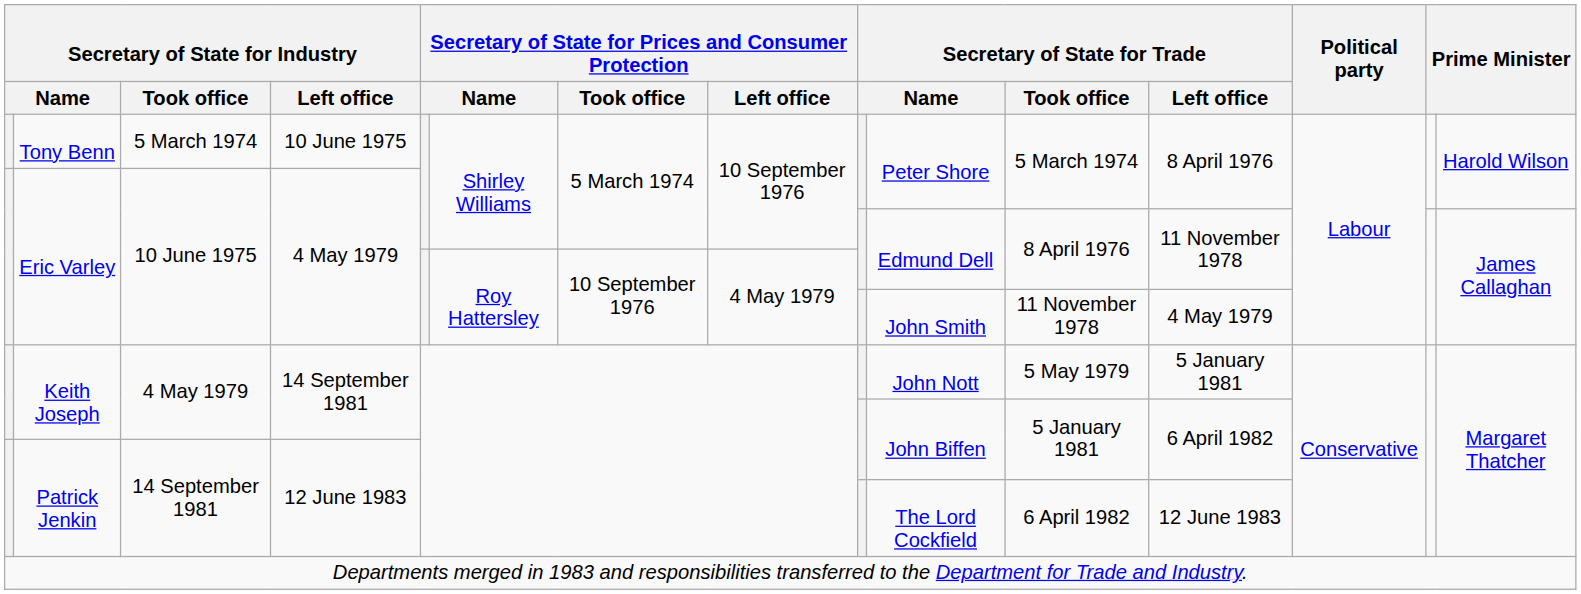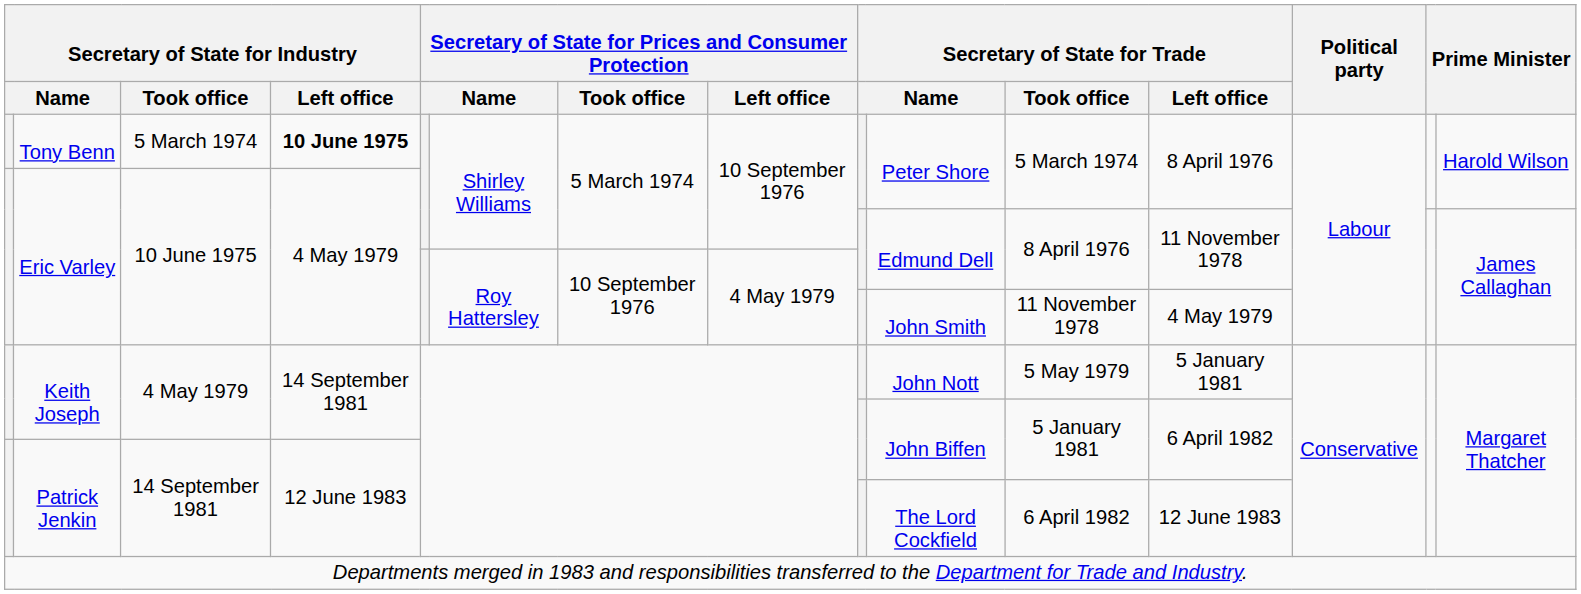 <table class="wikitable" style="text-align:center">
 <tr>
 <th colspan=4><br>Secretary of State for Industry</th>
 <th colspan=4><br><a href='#'>Secretary of State for Prices and Consumer Protection</a></th>
 <th colspan=4><br>Secretary of State for Trade</th>
 <th rowspan=2>Political party</th>
 <th colspan=2 rowspan=2>Prime Minister</th>
 </tr>
 <tr Official portrait of Rt Hon Margaret Beckett MP crop 2.jpg>
 <th colspan=2>Name</th>
 <th>Took office</th>
 <th>Left office</th>
 <th colspan=2>Name</th>
 <th>Took office</th>
 <th>Left office</th>
 <th colspan=2>Name</th>
 <th>Took office</th>
 <th>Left office</th>
 </tr>
 <tr style="height:2em">
 <th style="background-color:"></th>
 <td><br><a href='#'>Tony Benn</a><br></td>
 <td>5 March 1974</td>
-<td>10 June 1975</td>
+<td><strong>10 June 1975</strong></td>
 <th rowspan=3 style="background-color:"></th>
 <td rowspan=3><br><a href='#'>Shirley Williams</a><br></td>
 <td rowspan=3>5 March 1974</td>
 <td rowspan=3>10 September 1976</td>
 <th rowspan=2 style="background-color:"></th>
 <td rowspan=2><br><a href='#'>Peter Shore</a><br></td>
 <td rowspan=2>5 March 1974</td>
 <td rowspan=2>8 April 1976</td>
 <td rowspan=5><a href='#'>Labour</a></td>
 <td rowspan=2 style="background-color:"></td>
 <td rowspan=2><a href='#'>Harold Wilson</a></td>
 </tr>
 <tr style="height:2em">
 <th rowspan=4 style="background-color:"></th>
 <td rowspan=4><br><a href='#'>Eric Varley</a> <br></td>
 <td rowspan=4>10 June 1975</td>
 <td rowspan=4>4 May 1979</td>
 </tr>
 <tr style="height:2em">
 <th rowspan=2 style="background-color:"></th>
 <td rowspan=2><br><a href='#'>Edmund Dell</a> <br></td>
 <td rowspan=2>8 April 1976</td>
 <td rowspan=2>11 November 1978</td>
 <td rowspan=3 style="background-color:"></td>
 <td rowspan=3><a href='#'>James Callaghan</a></td>
 </tr>
 <tr style="height:2em">
 <th rowspan=2 style="background-color:"></th>
 <td rowspan=2><br><a href='#'>Roy Hattersley</a><br></td>
 <td rowspan=2>10 September 1976</td>
 <td rowspan=2>4 May 1979</td>
 </tr>
 <tr style="height:2em">
 <th style="background-color:"></th>
 <td><br><a href='#'>John Smith</a><br></td>
 <td>11 November 1978</td>
 <td>4 May 1979</td>
 </tr>
 <tr style="height:2em">
 <th rowspan=2 style="background-color:"></th>
 <td rowspan=2><br><a href='#'>Keith Joseph</a><br></td>
 <td rowspan=2>4 May 1979</td>
 <td rowspan=2>14 September 1981</td>
 <td colspan=4 rowspan=4 align="center"></td>
 <th style="background-color:"></th>
 <td><br><a href='#'>John Nott</a><br></td>
 <td>5 May 1979</td>
 <td>5 January 1981</td>
 <td rowspan=4><a href='#'>Conservative</a></td>
 <td rowspan=4 style="background-color:"></td>
 <td rowspan=4><a href='#'>Margaret Thatcher</a></td>
 </tr>
 <tr style="height:2em">
 <th rowspan=2 style="background-color:"></th>
 <td rowspan=2><br><a href='#'>John Biffen</a><br></td>
 <td rowspan=2>5 January 1981</td>
 <td rowspan=2>6 April 1982</td>
 </tr>
 <tr style="height:2em">
 <th rowspan=2 style="background-color:"></th>
 <td rowspan=2><br><a href='#'>Patrick Jenkin</a><br></td>
 <td rowspan=2>14 September 1981</td>
 <td rowspan=2>12 June 1983</td>
 </tr>
 <tr style="height:2em">
 <th style="background-color:"></th>
 <td><br><a href='#'>The Lord Cockfield</a></td>
 <td>6 April 1982</td>
 <td>12 June 1983</td>
 </tr>
 <tr>
 <td colspan=15><em>Departments merged in 1983 and responsibilities transferred to the <a href='#'>Department for Trade and Industry</a>.</em></td>
 </tr>
 </table>
